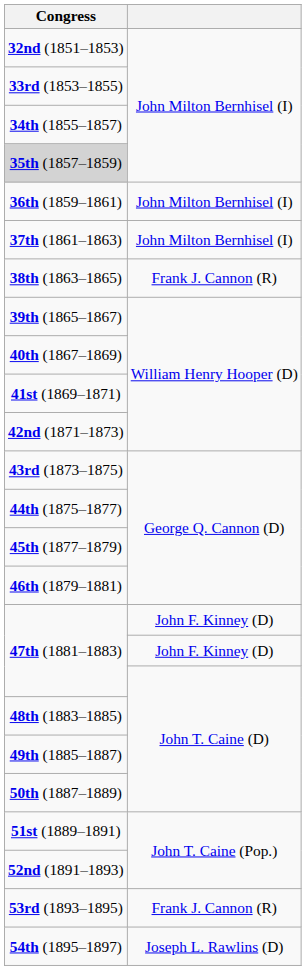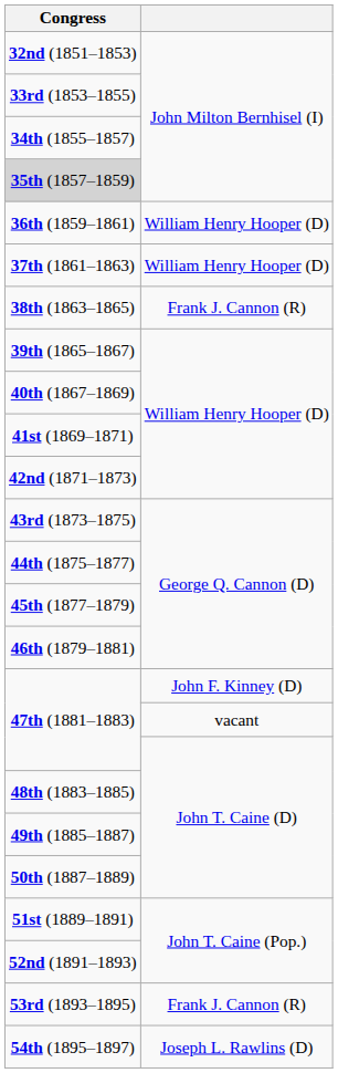 <table class=wikitable style="text-align:center">
 <tr>
 <th>Congress</th>
 <th></th>
 </tr>
 <tr style="height:2.5em">
 <td><strong><a href='#'>32nd</a></strong> (1851–1853)</td>
 <td rowspan="4" ><a href='#'>John Milton Bernhisel</a> (I)</td>
 </tr>
 <tr style="height:2.5em">
 <td><strong><a href='#'>33rd</a></strong> (1853–1855)</td>
 </tr>
 <tr style="height:2.5em">
 <td><strong><a href='#'>34th</a></strong> (1855–1857)</td>
 </tr>
 <tr style="height:2.5em">
 <td style="background: lightgrey;"><strong><a href='#'>35th</a></strong> (1857–1859)</td>
 </tr>
 <tr style="height:2.5em">
 <td><strong><a href='#'>36th</a></strong> (1859–1861)</td>
-<td><a href='#'>John Milton Bernhisel</a> (I)</td>
+<td><a href='#'>William Henry Hooper</a> (D)</td>
 </tr>
 <tr style="height:2.5em">
 <td><strong><a href='#'>37th</a></strong> (1861–1863)</td>
-<td><a href='#'>John Milton Bernhisel</a> (I)</td>
+<td><a href='#'>William Henry Hooper</a> (D)</td>
 </tr>
 <tr style="height:2.5em">
 <td><strong><a href='#'>38th</a></strong> (1863–1865)</td>
 <td><a href='#'>Frank J. Cannon</a> (R)</td>
 </tr>
 <tr style="height:2.5em">
 <td><strong><a href='#'>39th</a></strong> (1865–1867)</td>
 <td rowspan=4 ><a href='#'>William Henry Hooper</a> (D)</td>
 </tr>
 <tr style="height:2.5em">
 <td><strong><a href='#'>40th</a></strong> (1867–1869)</td>
 </tr>
 <tr style="height:2.5em">
 <td><strong><a href='#'>41st</a></strong> (1869–1871)</td>
 </tr>
 <tr style="height:2.5em">
 <td><strong><a href='#'>42nd</a></strong> (1871–1873)</td>
 </tr>
 <tr style="height:2.5em">
 <td><strong><a href='#'>43rd</a></strong> (1873–1875)</td>
 <td rowspan="4" ><a href='#'>George Q. Cannon</a> (D)</td>
 </tr>
 <tr style="height:2.5em">
 <td><strong><a href='#'>44th</a></strong> (1875–1877)</td>
 </tr>
 <tr style="height:2.5em">
 <td><strong><a href='#'>45th</a></strong> (1877–1879)</td>
 </tr>
 <tr style="height:2.5em">
 <td><strong><a href='#'>46th</a></strong> (1879–1881)</td>
 </tr>
 <tr style="height:2em">
 <td rowspan=3><strong><a href='#'>47th</a></strong> (1881–1883)</td>
 <td><a href='#'>John F. Kinney</a> (D)</td>
 </tr>
 <tr style="height:2em">
-<td><a href='#'>John F. Kinney</a> (D)</td>
+<td>vacant</td>
 </tr>
 <tr style="height:2em">
 <td rowspan=4 ><a href='#'>John T. Caine</a> (D)</td>
 </tr>
 <tr style="height:2.5em">
 <td><strong><a href='#'>48th</a></strong> (1883–1885)</td>
 </tr>
 <tr style="height:2.5em">
 <td><strong><a href='#'>49th</a></strong> (1885–1887)</td>
 </tr>
 <tr style="height:2.5em">
 <td><strong><a href='#'>50th</a></strong> (1887–1889)</td>
 </tr>
 <tr style="height:2.5em">
 <td><strong><a href='#'>51st</a></strong> (1889–1891)</td>
 <td rowspan=2 ><a href='#'>John T. Caine</a> (Pop.)</td>
 </tr>
 <tr style="height:2.5em">
 <td><strong><a href='#'>52nd</a></strong> (1891–1893)</td>
 </tr>
 <tr style="height:2.5em">
 <td><strong><a href='#'>53rd</a></strong> (1893–1895)</td>
 <td><a href='#'>Frank J. Cannon</a> (R)</td>
 </tr>
 <tr style="height:2.5em">
 <td><strong><a href='#'>54th</a></strong> (1895–1897)</td>
 <td><a href='#'>Joseph L. Rawlins</a> (D)</td>
 </tr>
 </table>
